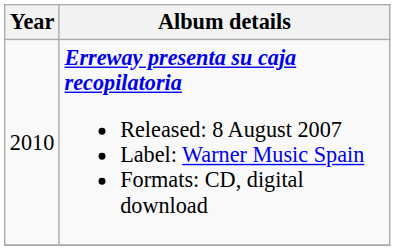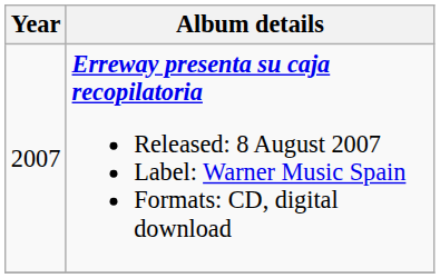 <table class="wikitable" style="text-align:center;">
 <tr>
 <th>Year</th>
 <th width="230">Album details</th>
 </tr>
 <tr>
-<td>2010</td>
+<td>2007</td>
 <td align=left><strong><em><a href='#'>Erreway presenta su caja recopilatoria</a></em></strong><br><ul><li>Released: 8 August 2007</li><li>Label: <a href='#'>Warner Music Spain</a></li><li>Formats: CD, digital download</li></ul></td>
 </tr>
 <tr>
 </tr>
 </table>
